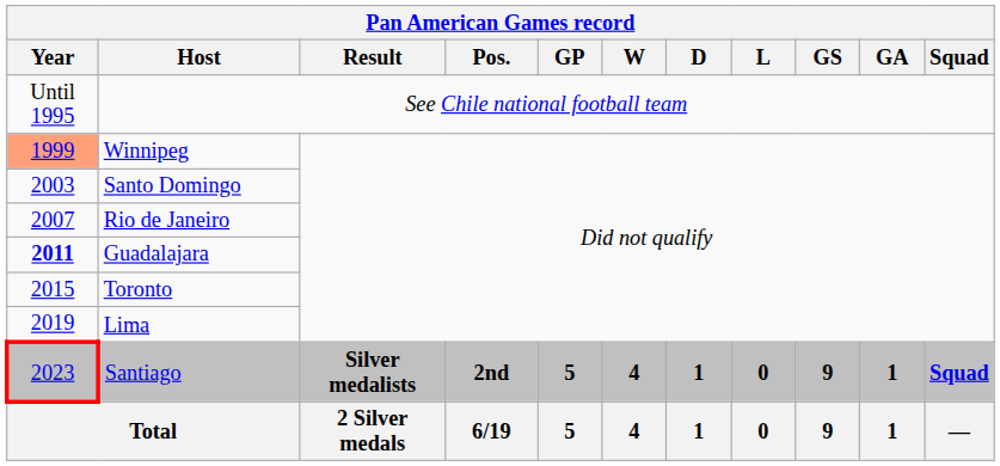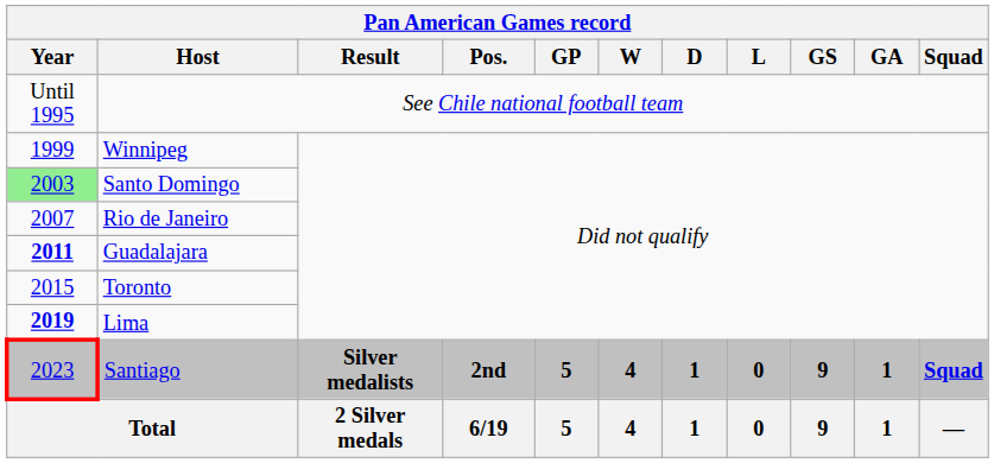 <table class="wikitable" style="text-align: center">
 <tr>
 <th colspan=11><a href='#'>Pan American Games record</a></th>
 </tr>
 <tr>
 <th width=60px>Year</th>
 <th width=140px>Host</th>
 <th width=100px>Result</th>
 <th width=60px>Pos.</th>
 <th width=40px>GP</th>
 <th width=40px>W</th>
 <th width=40px>D</th>
 <th width=40px>L</th>
 <th width=40px>GS</th>
 <th width=40px>GA</th>
 <th width=40px>Squad</th>
 </tr>
 <tr>
 <td>Until <a href='#'>1995</a></td>
 <td colspan=10><em>See <a href='#'>Chile national football team</a></em></td>
 </tr>
 <tr>
-<td style="background: lightsalmon;"><a href='#'>1999</a></td>
+<td><a href='#'>1999</a></td>
 <td align=left> <a href='#'>Winnipeg</a></td>
 <td colspan=9 rowspan=6><em>Did not qualify</em></td>
 </tr>
 <tr>
-<td><a href='#'>2003</a></td>
+<td style="background: lightgreen;"><a href='#'>2003</a></td>
 <td align=left> <a href='#'>Santo Domingo</a></td>
 </tr>
 <tr>
 <td><a href='#'>2007</a></td>
 <td align=left> <a href='#'>Rio de Janeiro</a></td>
 </tr>
 <tr>
 <td><strong><a href='#'>2011</a></strong></td>
 <td align=left> <a href='#'>Guadalajara</a></td>
 </tr>
 <tr>
 <td><a href='#'>2015</a></td>
 <td align=left> <a href='#'>Toronto</a></td>
 </tr>
 <tr>
-<td><a href='#'>2019</a></td>
+<td><strong><a href='#'>2019</a></strong></td>
 <td align=left> <a href='#'>Lima</a></td>
 </tr>
 <tr bgcolor=silver>
 <td style="border: 3px solid red"><a href='#'>2023</a></td>
 <td align=left> <a href='#'>Santiago</a></td>
 <td><strong>Silver medalists</strong></td>
 <td><strong>2nd</strong></td>
 <td><strong>5</strong></td>
 <td><strong>4</strong></td>
 <td><strong>1</strong></td>
 <td><strong>0</strong></td>
 <td><strong>9</strong></td>
 <td><strong>1</strong></td>
 <td><strong><a href='#'>Squad</a></strong></td>
 </tr>
 <tr>
 <th colspan=2>Total</th>
 <th>2 Silver medals</th>
 <th>6/19</th>
 <th>5</th>
 <th>4</th>
 <th>1</th>
 <th>0</th>
 <th>9</th>
 <th>1</th>
 <th>—</th>
 </tr>
 </table>
